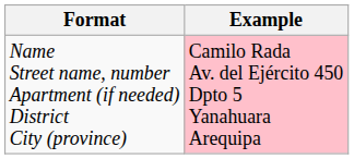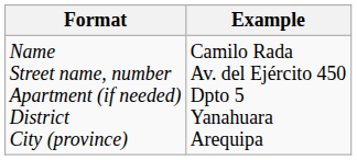 <table class="wikitable">
 <tr>
 <th>Format</th>
 <th>Example</th>
 </tr>
 <tr>
 <td><em>Name</em><br><em>Street name, number</em><br><em>Apartment (if needed)</em><br><em>District</em><br><em>City (province)</em></td>
-<td style="background: pink;">Camilo Rada<br>Av. del Ejército 450<br>Dpto 5<br> Yanahuara<br>Arequipa</td>
+<td>Camilo Rada<br>Av. del Ejército 450<br>Dpto 5<br> Yanahuara<br>Arequipa</td>
 </tr>
 </table>
